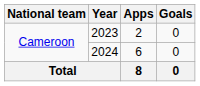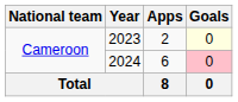 <table class="wikitable" style="text-align:center">
 <tr>
 <th>National team</th>
 <th>Year</th>
 <th>Apps</th>
 <th>Goals</th>
 </tr>
 <tr>
 <td rowspan="2"><a href='#'>Cameroon</a></td>
 <td>2023</td>
 <td>2</td>
-<td>0</td>
+<td style="background: lightyellow;">0</td>
 </tr>
 <tr>
 <td>2024</td>
 <td>6</td>
-<td>0</td>
+<td style="background: pink;">0</td>
 </tr>
 <tr>
 <th colspan="2">Total</th>
 <th>8</th>
 <th>0</th>
 </tr>
 </table>
